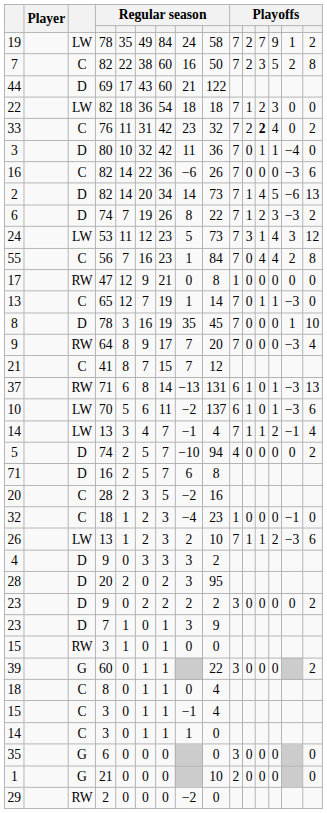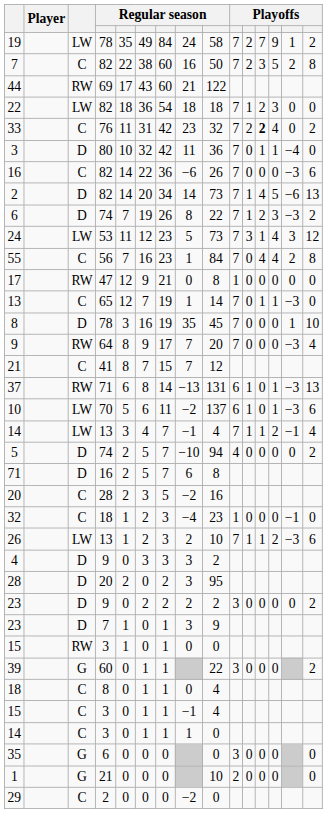 <table class="wikitable sortable plainrowheaders" style="text-align:center;">
 <tr>
 <th scope="col" data-sort-type="number" rowspan="2"></th>
 <th scope="col" rowspan="2">Player</th>
 <th scope="col" rowspan="2"></th>
 <th scope=colgroup colspan=6>Regular season</th>
 <th scope=colgroup colspan=6>Playoffs</th>
 </tr>
 <tr>
 <th scope="col" data-sort-type="number"></th>
 <th scope="col" data-sort-type="number"></th>
 <th scope="col" data-sort-type="number"></th>
 <th scope="col" data-sort-type="number"></th>
 <th scope="col" data-sort-type="number"></th>
 <th scope="col" data-sort-type="number"></th>
 <th scope="col" data-sort-type="number"></th>
 <th scope="col" data-sort-type="number"></th>
 <th scope="col" data-sort-type="number"></th>
 <th scope="col" data-sort-type="number"></th>
 <th scope="col" data-sort-type="number"></th>
 <th scope="col" data-sort-type="number"></th>
 </tr>
 <tr>
 <td scope="row">19</td>
 <td align="left"></td>
 <td>LW</td>
 <td>78</td>
 <td>35</td>
 <td>49</td>
 <td>84</td>
 <td>24</td>
 <td>58</td>
 <td>7</td>
 <td>2</td>
 <td>7</td>
 <td>9</td>
 <td>1</td>
 <td>2</td>
 </tr>
 <tr>
 <td scope="row">7</td>
 <td align="left"></td>
 <td>C</td>
 <td>82</td>
 <td>22</td>
 <td>38</td>
 <td>60</td>
 <td>16</td>
 <td>50</td>
 <td>7</td>
 <td>2</td>
 <td>3</td>
 <td>5</td>
 <td>2</td>
 <td>8</td>
 </tr>
 <tr>
 <td scope="row">44</td>
 <td align="left"></td>
-<td>D</td>
+<td>RW</td>
 <td>69</td>
 <td>17</td>
 <td>43</td>
 <td>60</td>
 <td>21</td>
 <td>122</td>
 <td></td>
 <td></td>
 <td></td>
 <td></td>
 <td></td>
 <td></td>
 </tr>
 <tr>
 <td scope="row">22</td>
 <td align="left"></td>
 <td>LW</td>
 <td>82</td>
 <td>18</td>
 <td>36</td>
 <td>54</td>
 <td>18</td>
 <td>18</td>
 <td>7</td>
 <td>1</td>
 <td>2</td>
 <td>3</td>
 <td>0</td>
 <td>0</td>
 </tr>
 <tr>
 <td scope="row">33</td>
 <td align="left"></td>
 <td>C</td>
 <td>76</td>
 <td>11</td>
 <td>31</td>
 <td>42</td>
 <td>23</td>
 <td>32</td>
 <td>7</td>
 <td>2</td>
 <td><strong>2</strong></td>
 <td>4</td>
 <td>0</td>
 <td>2</td>
 </tr>
 <tr>
 <td scope="row">3</td>
 <td align="left"></td>
 <td>D</td>
 <td>80</td>
 <td>10</td>
 <td>32</td>
 <td>42</td>
 <td>11</td>
 <td>36</td>
 <td>7</td>
 <td>0</td>
 <td>1</td>
 <td>1</td>
 <td>−4</td>
 <td>0</td>
 </tr>
 <tr>
 <td scope="row">16</td>
 <td align="left"></td>
 <td>C</td>
 <td>82</td>
 <td>14</td>
 <td>22</td>
 <td>36</td>
 <td>−6</td>
 <td>26</td>
 <td>7</td>
 <td>0</td>
 <td>0</td>
 <td>0</td>
 <td>−3</td>
 <td>6</td>
 </tr>
 <tr>
 <td scope="row">2</td>
 <td align="left"></td>
 <td>D</td>
 <td>82</td>
 <td>14</td>
 <td>20</td>
 <td>34</td>
 <td>14</td>
 <td>73</td>
 <td>7</td>
 <td>1</td>
 <td>4</td>
 <td>5</td>
 <td>−6</td>
 <td>13</td>
 </tr>
 <tr>
 <td scope="row">6</td>
 <td align="left"></td>
 <td>D</td>
 <td>74</td>
 <td>7</td>
 <td>19</td>
 <td>26</td>
 <td>8</td>
 <td>22</td>
 <td>7</td>
 <td>1</td>
 <td>2</td>
 <td>3</td>
 <td>−3</td>
 <td>2</td>
 </tr>
 <tr>
 <td scope="row">24</td>
 <td align="left"></td>
 <td>LW</td>
 <td>53</td>
 <td>11</td>
 <td>12</td>
 <td>23</td>
 <td>5</td>
 <td>73</td>
 <td>7</td>
 <td>3</td>
 <td>1</td>
 <td>4</td>
 <td>3</td>
 <td>12</td>
 </tr>
 <tr>
 <td scope="row">55</td>
 <td align="left"></td>
 <td>C</td>
 <td>56</td>
 <td>7</td>
 <td>16</td>
 <td>23</td>
 <td>1</td>
 <td>84</td>
 <td>7</td>
 <td>0</td>
 <td>4</td>
 <td>4</td>
 <td>2</td>
 <td>8</td>
 </tr>
 <tr>
 <td scope="row">17</td>
 <td align="left"></td>
 <td>RW</td>
 <td>47</td>
 <td>12</td>
 <td>9</td>
 <td>21</td>
 <td>0</td>
 <td>8</td>
 <td>1</td>
 <td>0</td>
 <td>0</td>
 <td>0</td>
 <td>0</td>
 <td>0</td>
 </tr>
 <tr>
 <td scope="row">13</td>
 <td align="left"></td>
 <td>C</td>
 <td>65</td>
 <td>12</td>
 <td>7</td>
 <td>19</td>
 <td>1</td>
 <td>14</td>
 <td>7</td>
 <td>0</td>
 <td>1</td>
 <td>1</td>
 <td>−3</td>
 <td>0</td>
 </tr>
 <tr>
 <td scope="row">8</td>
 <td align="left"></td>
 <td>D</td>
 <td>78</td>
 <td>3</td>
 <td>16</td>
 <td>19</td>
 <td>35</td>
 <td>45</td>
 <td>7</td>
 <td>0</td>
 <td>0</td>
 <td>0</td>
 <td>1</td>
 <td>10</td>
 </tr>
 <tr>
 <td scope="row">9</td>
 <td align="left"></td>
 <td>RW</td>
 <td>64</td>
 <td>8</td>
 <td>9</td>
 <td>17</td>
 <td>7</td>
 <td>20</td>
 <td>7</td>
 <td>0</td>
 <td>0</td>
 <td>0</td>
 <td>−3</td>
 <td>4</td>
 </tr>
 <tr>
 <td scope="row">21</td>
 <td align="left"></td>
 <td>C</td>
 <td>41</td>
 <td>8</td>
 <td>7</td>
 <td>15</td>
 <td>7</td>
 <td>12</td>
 <td></td>
 <td></td>
 <td></td>
 <td></td>
 <td></td>
 <td></td>
 </tr>
 <tr>
 <td scope="row">37</td>
 <td align="left"></td>
 <td>RW</td>
 <td>71</td>
 <td>6</td>
 <td>8</td>
 <td>14</td>
 <td>−13</td>
 <td>131</td>
 <td>6</td>
 <td>1</td>
 <td>0</td>
 <td>1</td>
 <td>−3</td>
 <td>13</td>
 </tr>
 <tr>
 <td scope="row">10</td>
 <td align="left"></td>
 <td>LW</td>
 <td>70</td>
 <td>5</td>
 <td>6</td>
 <td>11</td>
 <td>−2</td>
 <td>137</td>
 <td>6</td>
 <td>1</td>
 <td>0</td>
 <td>1</td>
 <td>−3</td>
 <td>6</td>
 </tr>
 <tr>
 <td scope="row">14</td>
 <td align="left"></td>
 <td>LW</td>
 <td>13</td>
 <td>3</td>
 <td>4</td>
 <td>7</td>
 <td>−1</td>
 <td>4</td>
 <td>7</td>
 <td>1</td>
 <td>1</td>
 <td>2</td>
 <td>−1</td>
 <td>4</td>
 </tr>
 <tr>
 <td scope="row">5</td>
 <td align="left"></td>
 <td>D</td>
 <td>74</td>
 <td>2</td>
 <td>5</td>
 <td>7</td>
 <td>−10</td>
 <td>94</td>
 <td>4</td>
 <td>0</td>
 <td>0</td>
 <td>0</td>
 <td>0</td>
 <td>2</td>
 </tr>
 <tr>
 <td scope="row">71</td>
 <td align="left"></td>
 <td>D</td>
 <td>16</td>
 <td>2</td>
 <td>5</td>
 <td>7</td>
 <td>6</td>
 <td>8</td>
 <td></td>
 <td></td>
 <td></td>
 <td></td>
 <td></td>
 <td></td>
 </tr>
 <tr>
 <td scope="row">20</td>
 <td align="left"></td>
 <td>C</td>
 <td>28</td>
 <td>2</td>
 <td>3</td>
 <td>5</td>
 <td>−2</td>
 <td>16</td>
 <td></td>
 <td></td>
 <td></td>
 <td></td>
 <td></td>
 <td></td>
 </tr>
 <tr>
 <td scope="row">32</td>
 <td align="left"></td>
 <td>C</td>
 <td>18</td>
 <td>1</td>
 <td>2</td>
 <td>3</td>
 <td>−4</td>
 <td>23</td>
 <td>1</td>
 <td>0</td>
 <td>0</td>
 <td>0</td>
 <td>−1</td>
 <td>0</td>
 </tr>
 <tr>
 <td scope="row">26</td>
 <td align="left"></td>
 <td>LW</td>
 <td>13</td>
 <td>1</td>
 <td>2</td>
 <td>3</td>
 <td>2</td>
 <td>10</td>
 <td>7</td>
 <td>1</td>
 <td>1</td>
 <td>2</td>
 <td>−3</td>
 <td>6</td>
 </tr>
 <tr>
 <td scope="row">4</td>
 <td align="left"></td>
 <td>D</td>
 <td>9</td>
 <td>0</td>
 <td>3</td>
 <td>3</td>
 <td>3</td>
 <td>2</td>
 <td></td>
 <td></td>
 <td></td>
 <td></td>
 <td></td>
 <td></td>
 </tr>
 <tr>
 <td scope="row">28</td>
 <td align="left"></td>
 <td>D</td>
 <td>20</td>
 <td>2</td>
 <td>0</td>
 <td>2</td>
 <td>3</td>
 <td>95</td>
 <td></td>
 <td></td>
 <td></td>
 <td></td>
 <td></td>
 <td></td>
 </tr>
 <tr>
 <td scope="row">23</td>
 <td align="left"></td>
 <td>D</td>
 <td>9</td>
 <td>0</td>
 <td>2</td>
 <td>2</td>
 <td>2</td>
 <td>2</td>
 <td>3</td>
 <td>0</td>
 <td>0</td>
 <td>0</td>
 <td>0</td>
 <td>2</td>
 </tr>
 <tr>
 <td scope="row">23</td>
 <td align="left"></td>
 <td>D</td>
 <td>7</td>
 <td>1</td>
 <td>0</td>
 <td>1</td>
 <td>3</td>
 <td>9</td>
 <td></td>
 <td></td>
 <td></td>
 <td></td>
 <td></td>
 <td></td>
 </tr>
 <tr>
 <td scope="row">15</td>
 <td align="left"></td>
 <td>RW</td>
 <td>3</td>
 <td>1</td>
 <td>0</td>
 <td>1</td>
 <td>0</td>
 <td>0</td>
 <td></td>
 <td></td>
 <td></td>
 <td></td>
 <td></td>
 <td></td>
 </tr>
 <tr>
 <td scope="row">39</td>
 <td align="left"></td>
 <td>G</td>
 <td>60</td>
 <td>0</td>
 <td>1</td>
 <td>1</td>
 <td style="background:#ccc"></td>
 <td>22</td>
 <td>3</td>
 <td>0</td>
 <td>0</td>
 <td>0</td>
 <td style="background:#ccc"></td>
 <td>2</td>
 </tr>
 <tr>
 <td scope="row">18</td>
 <td align="left"></td>
 <td>C</td>
 <td>8</td>
 <td>0</td>
 <td>1</td>
 <td>1</td>
 <td>0</td>
 <td>4</td>
 <td></td>
 <td></td>
 <td></td>
 <td></td>
 <td></td>
 <td></td>
 </tr>
 <tr>
 <td scope="row">15</td>
 <td align="left"></td>
 <td>C</td>
 <td>3</td>
 <td>0</td>
 <td>1</td>
 <td>1</td>
 <td>−1</td>
 <td>4</td>
 <td></td>
 <td></td>
 <td></td>
 <td></td>
 <td></td>
 <td></td>
 </tr>
 <tr>
 <td scope="row">14</td>
 <td align="left"></td>
 <td>C</td>
 <td>3</td>
 <td>0</td>
 <td>1</td>
 <td>1</td>
 <td>1</td>
 <td>0</td>
 <td></td>
 <td></td>
 <td></td>
 <td></td>
 <td></td>
 <td></td>
 </tr>
 <tr>
 <td scope="row">35</td>
 <td align="left"></td>
 <td>G</td>
 <td>6</td>
 <td>0</td>
 <td>0</td>
 <td>0</td>
 <td style="background:#ccc"></td>
 <td>0</td>
 <td>3</td>
 <td>0</td>
 <td>0</td>
 <td>0</td>
 <td style="background:#ccc"></td>
 <td>0</td>
 </tr>
 <tr>
 <td scope="row">1</td>
 <td align="left"></td>
 <td>G</td>
 <td>21</td>
 <td>0</td>
 <td>0</td>
 <td>0</td>
 <td style="background:#ccc"></td>
 <td>10</td>
 <td>2</td>
 <td>0</td>
 <td>0</td>
 <td>0</td>
 <td style="background:#ccc"></td>
 <td>0</td>
 </tr>
 <tr>
 <td scope="row">29</td>
 <td align="left"></td>
-<td>RW</td>
+<td>C</td>
 <td>2</td>
 <td>0</td>
 <td>0</td>
 <td>0</td>
 <td>−2</td>
 <td>0</td>
 <td></td>
 <td></td>
 <td></td>
 <td></td>
 <td></td>
 <td></td>
 </tr>
 </table>
